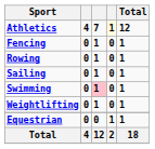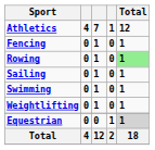 <table class="wikitable" style="font-size:85%;style="text-align:center;" align="right">
 <tr>
 <th>Sport</th>
 <th></th>
 <th></th>
 <th></th>
 <th>Total</th>
 </tr>
 <tr style="font-weight:bold;">
 <td><a href='#'>Athletics</a></td>
 <td>4</td>
 <td>7</td>
-<td style="background: lightyellow;">1</td>
+<td>1</td>
 <td>12</td>
 </tr>
 <tr style="font-weight:bold;">
 <td><a href='#'>Fencing</a></td>
 <td>0</td>
 <td>1</td>
 <td>0</td>
 <td>1</td>
 </tr>
 <tr style="font-weight:bold;">
 <td><a href='#'>Rowing</a></td>
 <td>0</td>
 <td>1</td>
 <td>0</td>
-<td>1</td>
+<td style="background: lightgreen;">1</td>
 </tr>
 <tr style="font-weight:bold;">
 <td><a href='#'>Sailing</a></td>
 <td>0</td>
 <td>1</td>
 <td>0</td>
 <td>1</td>
 </tr>
 <tr style="font-weight:bold;">
 <td><a href='#'>Swimming</a></td>
 <td>0</td>
-<td style="background: pink;">1</td>
+<td>1</td>
 <td>0</td>
 <td>1</td>
 </tr>
 <tr style="font-weight:bold;">
 <td><a href='#'>Weightlifting</a></td>
 <td>0</td>
 <td>1</td>
 <td>0</td>
 <td>1</td>
 </tr>
 <tr>
 </tr>
 <tr style="font-weight:bold;">
 <td><a href='#'>Equestrian</a></td>
 <td>0</td>
 <td>0</td>
 <td>1</td>
-<td>1</td>
+<td style="background: lightgrey;">1</td>
 </tr>
 <tr>
 <th>Total</th>
 <th>4</th>
 <th>12</th>
 <th>2</th>
 <th>18</th>
 </tr>
 <tr>
 </tr>
 </table>
